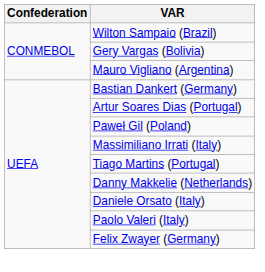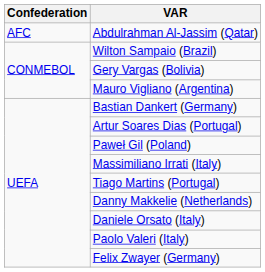 <table class="wikitable">
 <tr>
 <th>Confederation</th>
 <th>VAR</th>
+</tr>
+<tr>
+<td><a href='#'>AFC</a></td>
+<td><a href='#'>Abdulrahman Al-Jassim</a> (<a href='#'>Qatar</a>)</td>
 </tr>
 <tr>
 <td rowspan="3"><a href='#'>CONMEBOL</a></td>
 <td><a href='#'>Wilton Sampaio</a> (<a href='#'>Brazil</a>)</td>
 </tr>
 <tr>
 <td><a href='#'>Gery Vargas</a> (<a href='#'>Bolivia</a>)</td>
 </tr>
 <tr>
 <td><a href='#'>Mauro Vigliano</a> (<a href='#'>Argentina</a>)</td>
 </tr>
 <tr>
 <td rowspan="9"><a href='#'>UEFA</a></td>
 <td><a href='#'>Bastian Dankert</a> (<a href='#'>Germany</a>)</td>
 </tr>
 <tr>
 <td><a href='#'>Artur Soares Dias</a> (<a href='#'>Portugal</a>)</td>
 </tr>
 <tr>
 <td><a href='#'>Paweł Gil</a> (<a href='#'>Poland</a>)</td>
 </tr>
 <tr>
 <td><a href='#'>Massimiliano Irrati</a> (<a href='#'>Italy</a>)</td>
 </tr>
 <tr>
 <td><a href='#'>Tiago Martins</a> (<a href='#'>Portugal</a>)</td>
 </tr>
 <tr>
 <td><a href='#'>Danny Makkelie</a> (<a href='#'>Netherlands</a>)</td>
 </tr>
 <tr>
 <td><a href='#'>Daniele Orsato</a> (<a href='#'>Italy</a>)</td>
 </tr>
 <tr>
 <td><a href='#'>Paolo Valeri</a> (<a href='#'>Italy</a>)</td>
 </tr>
 <tr>
 <td><a href='#'>Felix Zwayer</a> (<a href='#'>Germany</a>)</td>
 </tr>
 </table>
